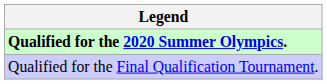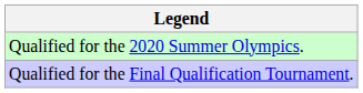 <table class="wikitable">
 <tr>
 <th>Legend</th>
 </tr>
 <tr bgcolor=ccffcc>
-<td><strong>Qualified for the <a href='#'>2020 Summer Olympics</a>.</strong></td>
+<td>Qualified for the <a href='#'>2020 Summer Olympics</a>.</td>
 </tr>
 <tr bgcolor=ccccff>
 <td>Qualified for the <a href='#'>Final Qualification Tournament</a>.</td>
 </tr>
 </table>
